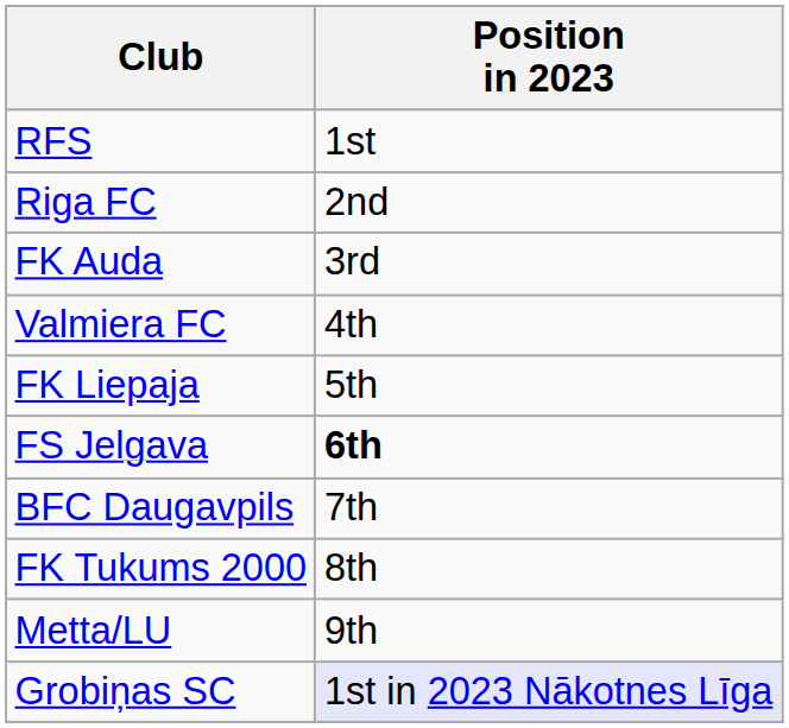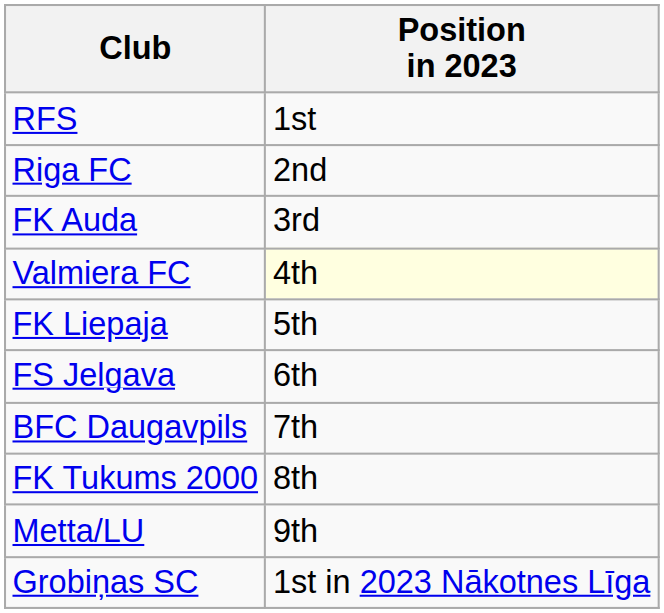 <table class="wikitable sortable">
 <tr>
 <th>Club</th>
 <th>Position<br>in 2023</th>
 </tr>
 <tr>
 <td style="text-align:left"><a href='#'>RFS</a></td>
 <td>1st</td>
 </tr>
 <tr>
 <td style="text-align:left"><a href='#'>Riga FC</a></td>
 <td>2nd</td>
 </tr>
 <tr>
 <td style="text-align:left"><a href='#'>FK Auda</a></td>
 <td>3rd</td>
 </tr>
 <tr>
 <td style="text-align:left"><a href='#'>Valmiera FC</a></td>
-<td>4th</td>
+<td style="background: lightyellow;">4th</td>
 </tr>
 <tr>
 <td style="text-align:left"><a href='#'>FK Liepaja</a></td>
 <td>5th</td>
 </tr>
 <tr>
 <td style="text-align:left"><a href='#'>FS Jelgava</a></td>
-<td><strong>6th</strong></td>
+<td>6th</td>
 </tr>
 <tr>
 <td style="text-align:left"><a href='#'>BFC Daugavpils</a></td>
 <td>7th</td>
 </tr>
 <tr>
 <td style="text-align:left"><a href='#'>FK Tukums 2000</a></td>
 <td>8th</td>
 </tr>
 <tr>
 <td style="text-align:left"><a href='#'>Metta/LU</a></td>
 <td>9th</td>
 </tr>
 <tr>
 <td style="text-align:left"><a href='#'>Grobiņas SC</a></td>
-<td style="background: lavender;">1st in <a href='#'>2023 Nākotnes Līga</a></td>
+<td>1st in <a href='#'>2023 Nākotnes Līga</a></td>
 </tr>
 </table>
